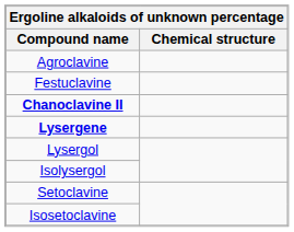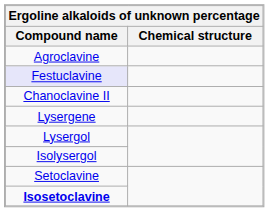 <table class="wikitable sortable" style="font-size:smaller; text-align:center; inlineTable; display: inline-block; vertical-align: top">
 <tr>
 <th colspan=3>Ergoline alkaloids of unknown percentage</th>
 </tr>
 <tr>
 <th scope="col">Compound name</th>
 <th scope="col" class="unsortable">Chemical structure</th>
 </tr>
 <tr>
 <td><a href='#'>Agroclavine</a></td>
 <td></td>
 </tr>
 <tr>
-<td><a href='#'>Festuclavine</a></td>
+<td style="background: lavender;"><a href='#'>Festuclavine</a></td>
 <td></td>
 </tr>
 <tr>
-<td><strong><a href='#'>Chanoclavine II</a></strong></td>
+<td><a href='#'>Chanoclavine II</a></td>
 <td></td>
 </tr>
 <tr>
-<td><strong><a href='#'>Lysergene</a></strong></td>
+<td><a href='#'>Lysergene</a></td>
 <td></td>
 </tr>
 <tr>
 <td><a href='#'>Lysergol</a></td>
 <td rowspan=2></td>
 </tr>
 <tr>
 <td><a href='#'>Isolysergol</a></td>
 </tr>
 <tr>
 <td><a href='#'>Setoclavine</a></td>
 <td rowspan=2></td>
 </tr>
 <tr>
-<td><a href='#'>Isosetoclavine</a></td>
+<td><strong><a href='#'>Isosetoclavine</a></strong></td>
 </tr>
 </table>
